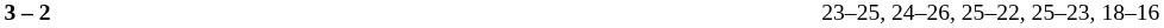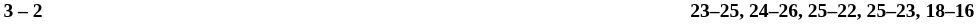 <table width=100% cellspacing=1>
 <tr>
 <th width=20%></th>
 <th width=12%></th>
 <th width=20%></th>
 <th width=33%></th>
 <td></td>
 </tr>
 <tr style=font-size:95%>
 <td align=right><strong></strong></td>
 <td align=center><strong>3 – 2</strong></td>
 <td></td>
-<td>23–25, 24–26, 25–22, 25–23, 18–16</td>
+<td><strong>23–25, 24–26, 25–22, 25–23, 18–16</strong></td>
 </tr>
 </table>
